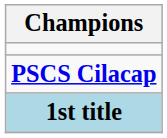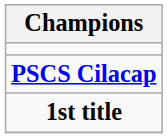 <table class="wikitable" style="text-align: center; margin: 0 auto;">
 <tr>
 <th>Champions</th>
 </tr>
 <tr>
 <td></td>
 </tr>
 <tr>
 <td><strong><a href='#'>PSCS Cilacap</a></strong></td>
 </tr>
 <tr>
-<td style="background: lightblue;"><strong>1st title</strong></td>
+<td><strong>1st title</strong></td>
 </tr>
 <tr>
 </tr>
 </table>
